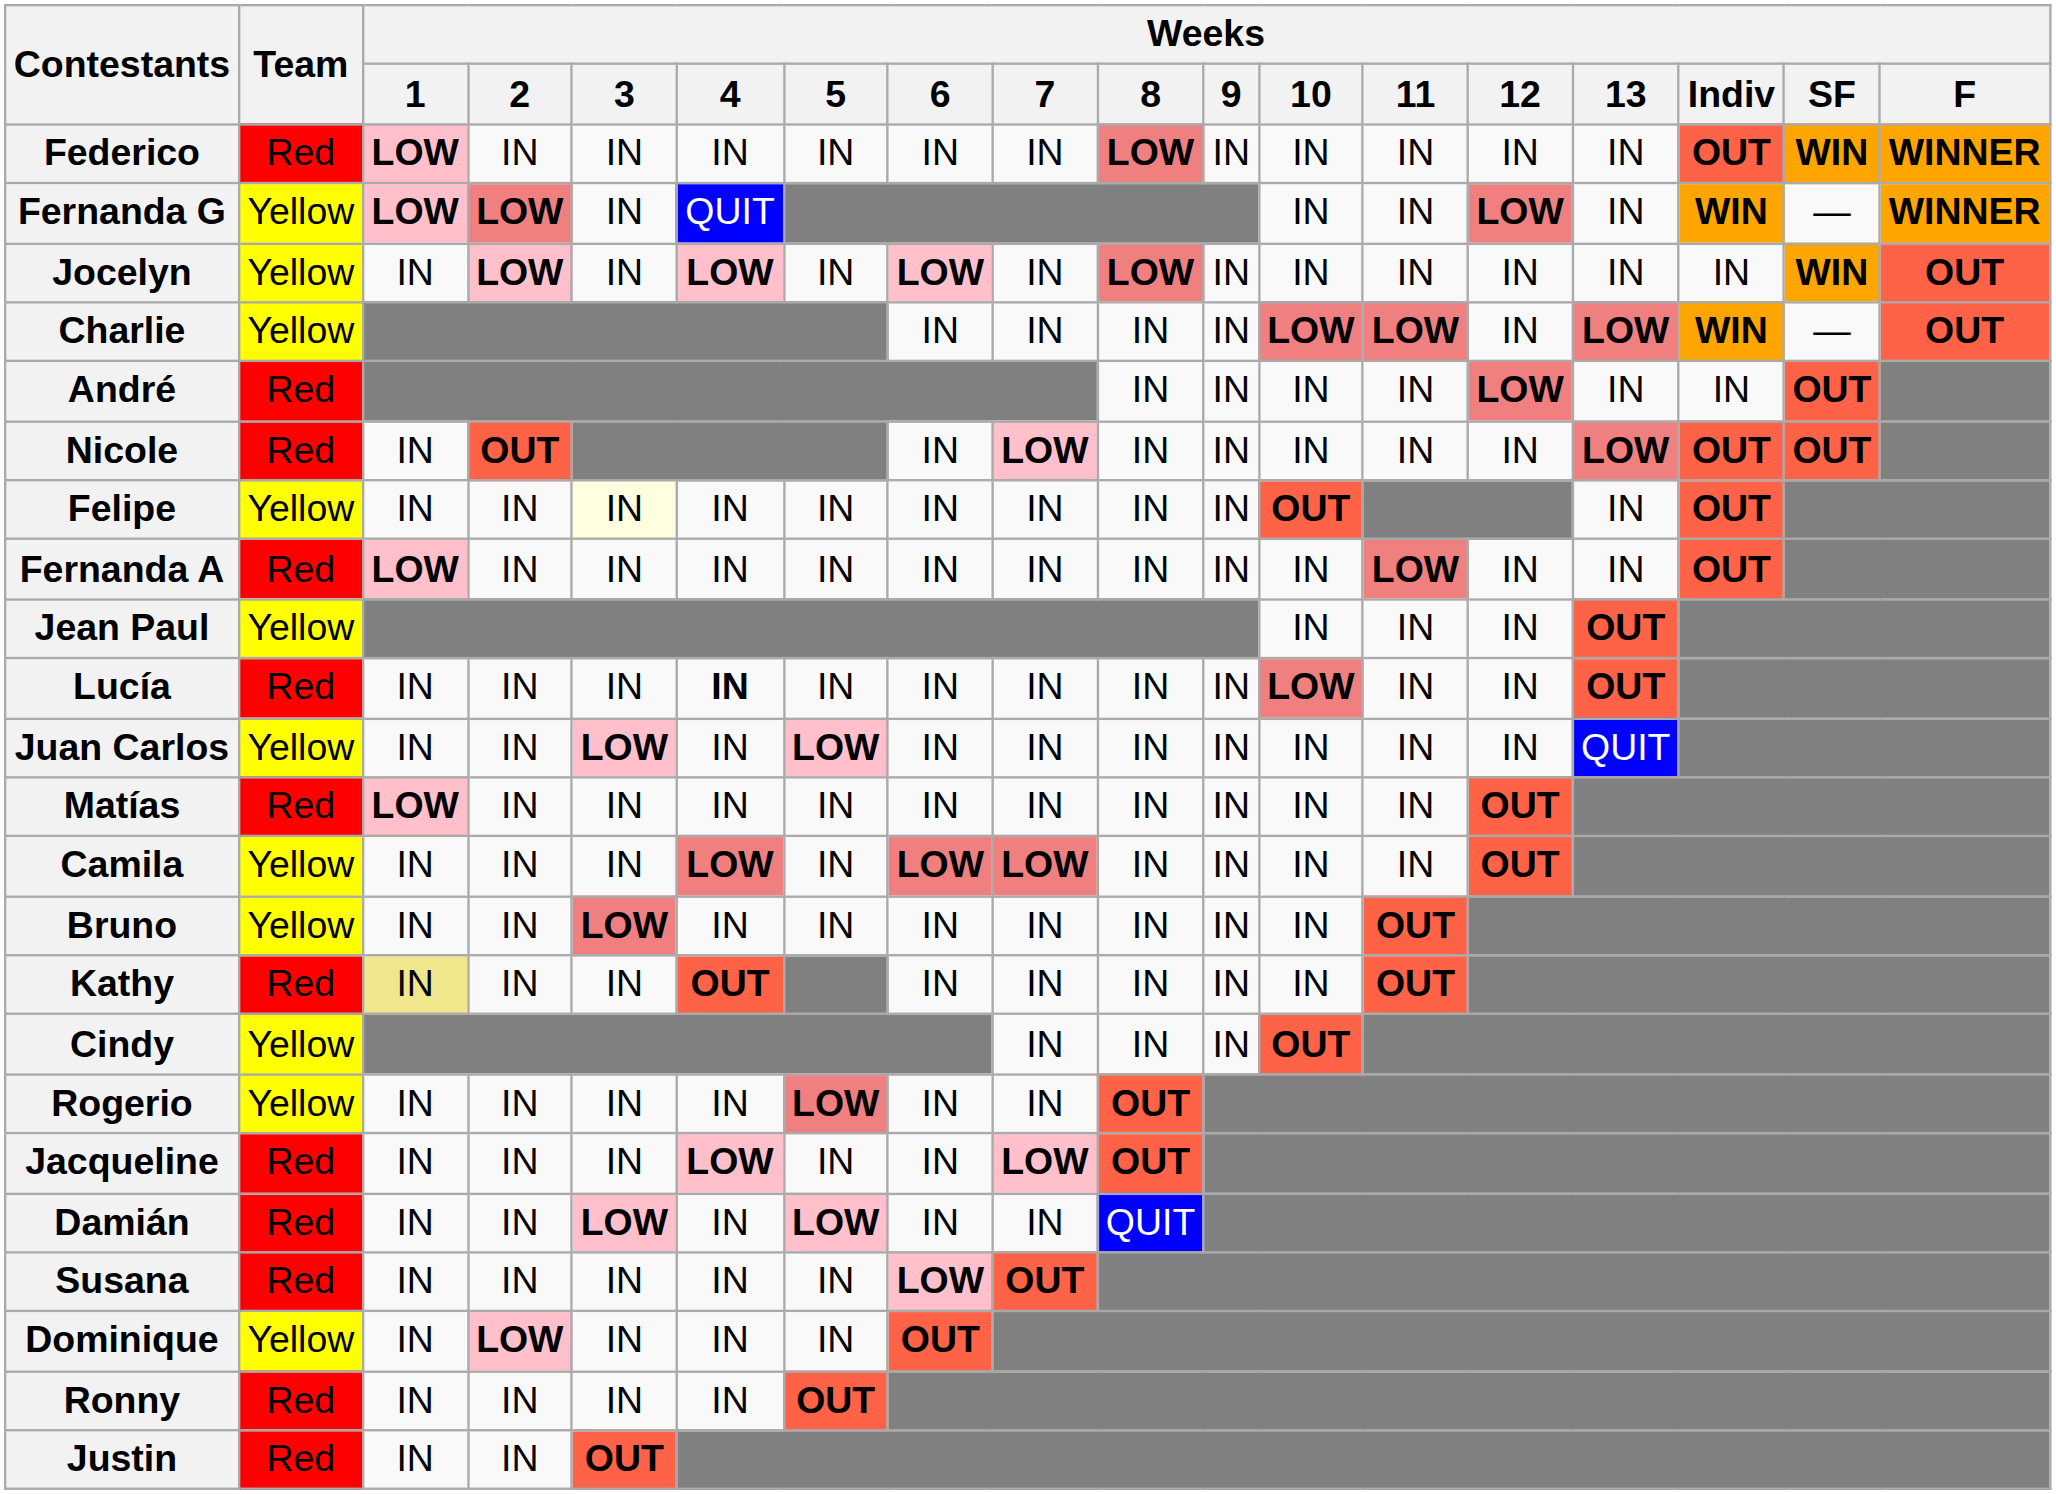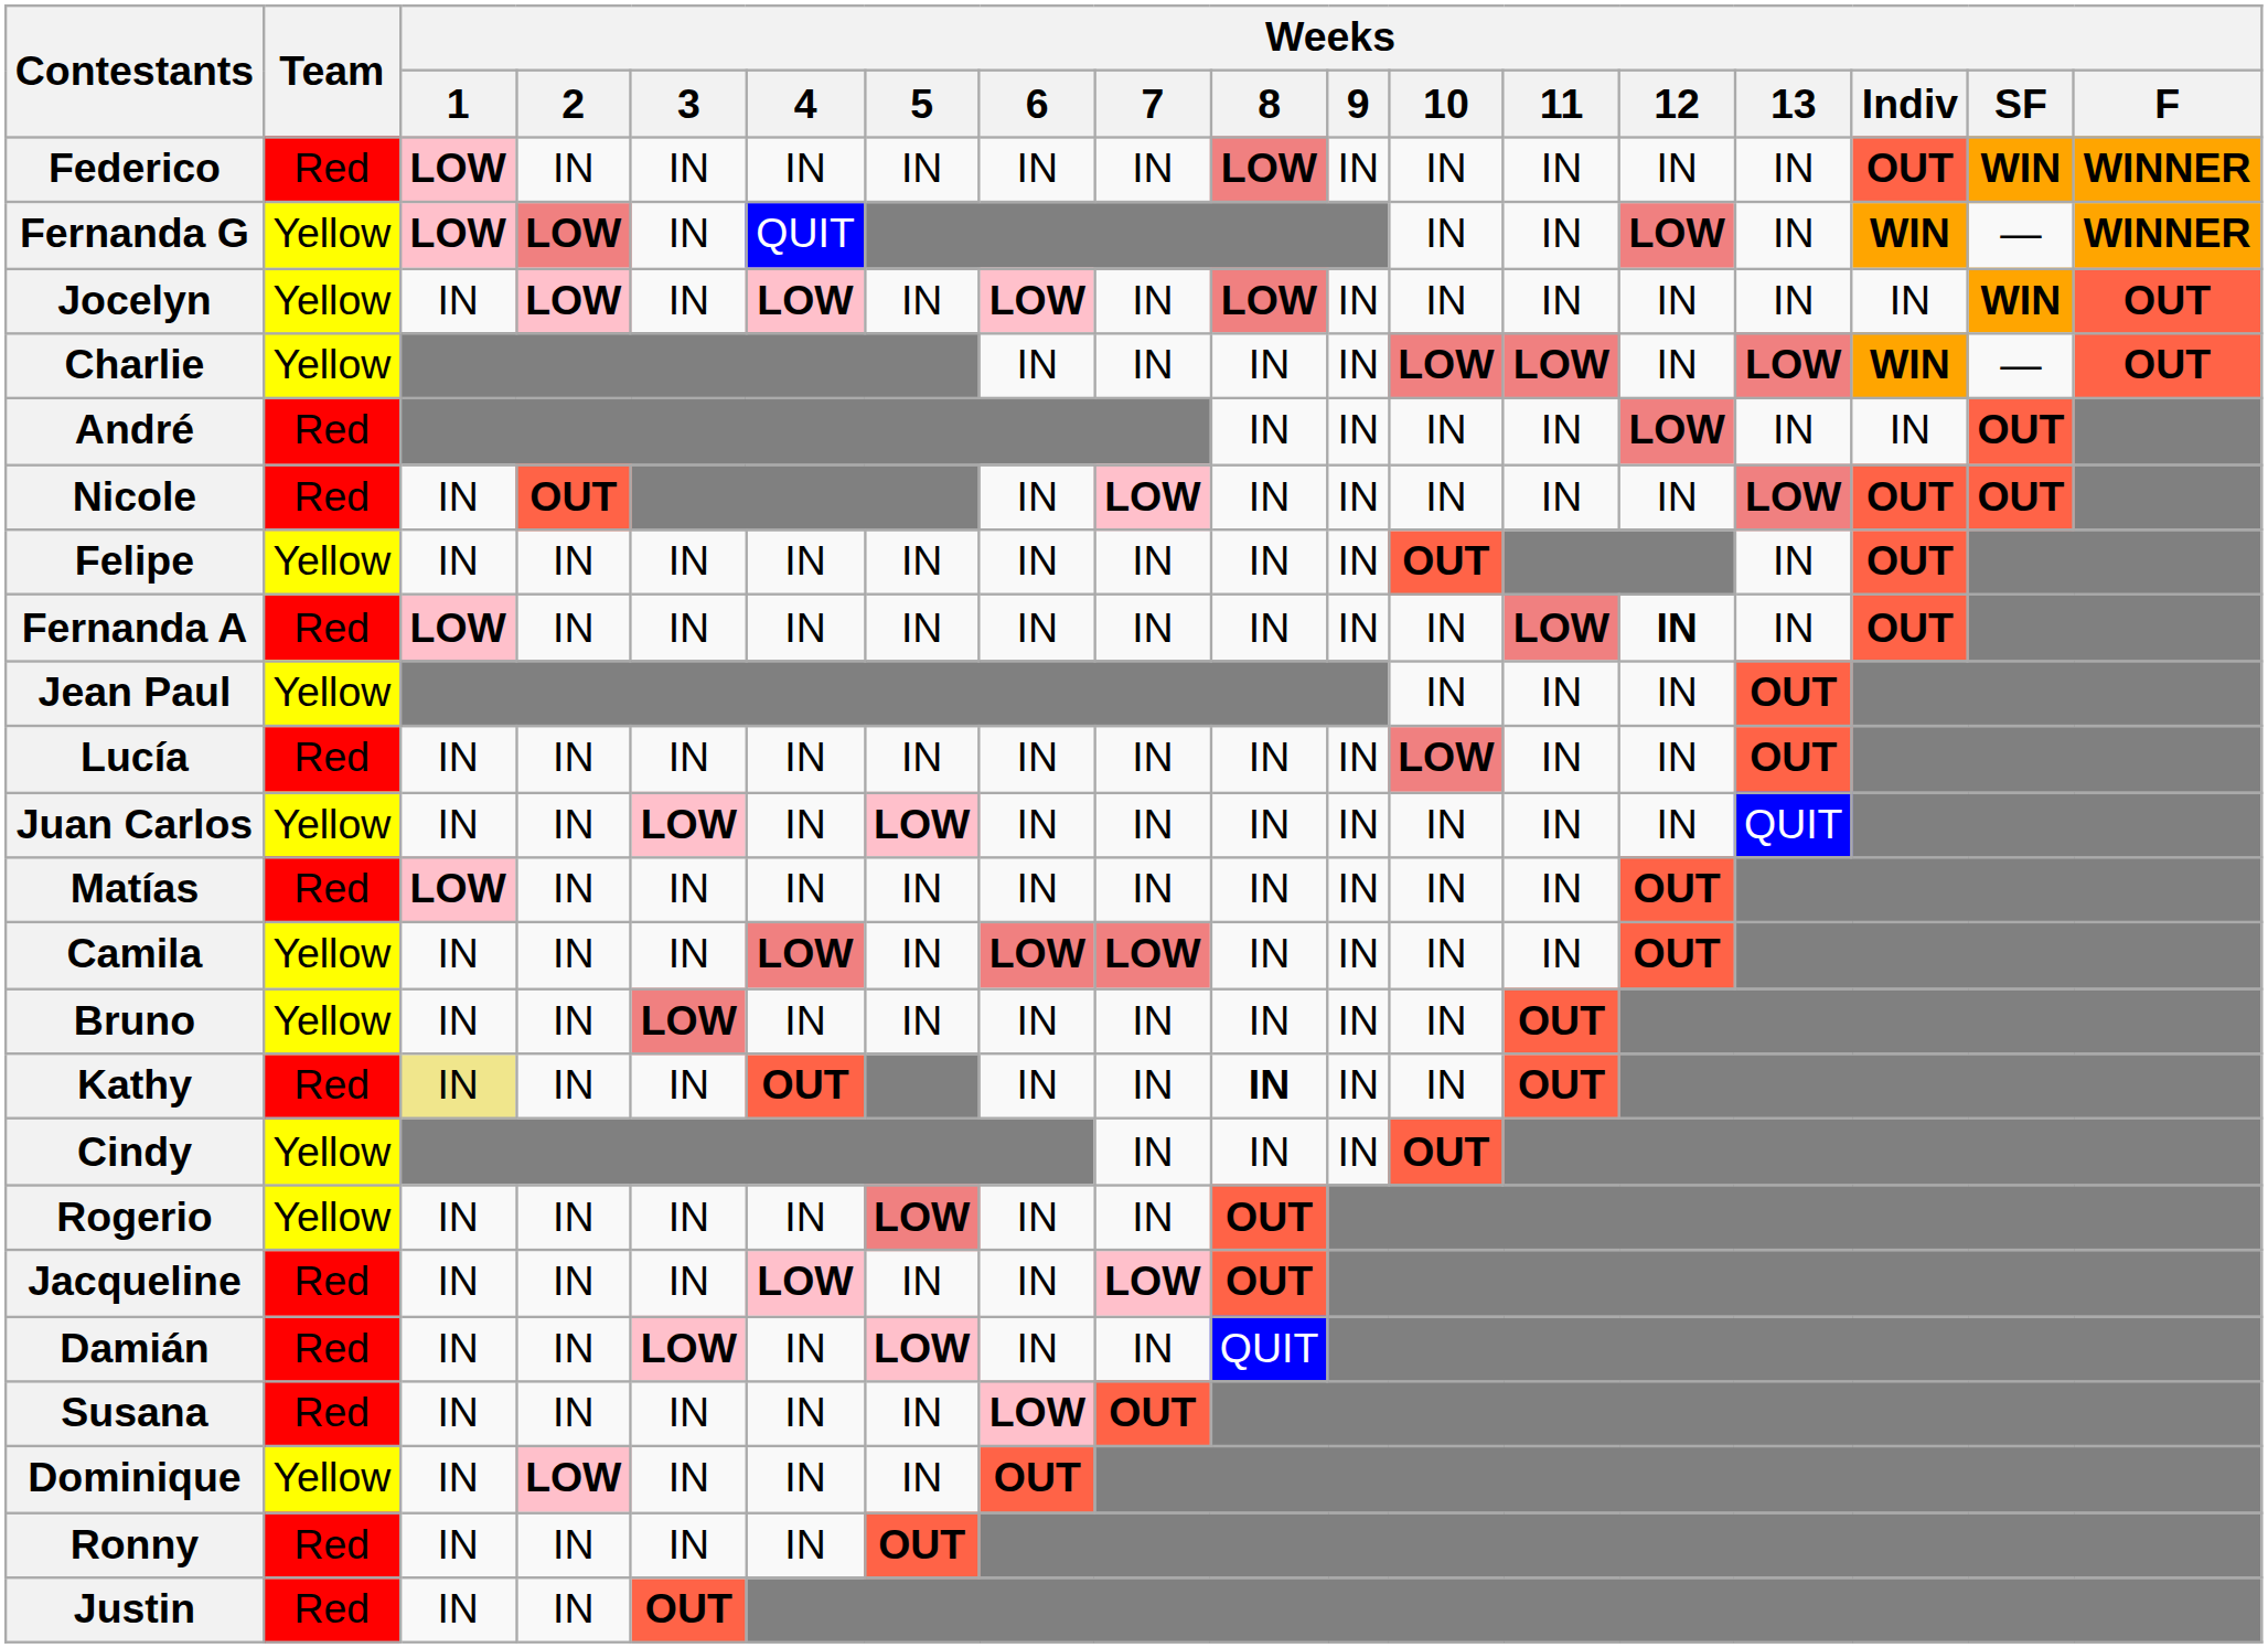 <table class="wikitable" style="text-align:center">
 <tr>
 <th rowspan=2>Contestants</th>
 <th rowspan=2>Team</th>
 <th colspan=17>Weeks</th>
 </tr>
 <tr>
 <th width="10px">1</th>
 <th width="20px">2</th>
 <th width="20px">3</th>
 <th width="20px">4</th>
 <th width="20px">5</th>
 <th width="20px">6</th>
 <th width="20px">7</th>
 <th width="20px">8</th>
 <th width="20px">9</th>
 <th width="20px">10</th>
 <th width="20px">11</th>
 <th width="20px">12</th>
 <th width="20px">13</th>
 <th width="20px">Indiv</th>
 <th width="20px">SF</th>
 <th width="20px">F</th>
 </tr>
 <tr>
 <th>Federico</th>
 <td style="background:red">Red</td>
 <td style="background:pink"><strong>LOW</strong></td>
 <td>IN</td>
 <td>IN</td>
 <td>IN</td>
 <td>IN</td>
 <td>IN</td>
 <td>IN</td>
 <td style="background:LightCoral"><strong>LOW</strong></td>
 <td>IN</td>
 <td>IN</td>
 <td>IN</td>
 <td>IN</td>
 <td>IN</td>
 <td style="background:tomato"><strong>OUT</strong></td>
 <td style="background:Orange"><strong>WIN</strong></td>
 <td style="background:Orange"><strong>WINNER</strong></td>
 </tr>
 <tr>
 <th>Fernanda G</th>
 <td style="background:yellow">Yellow</td>
 <td style="background:pink"><strong>LOW</strong></td>
 <td style="background:LightCoral"><strong>LOW</strong></td>
 <td>IN</td>
 <td style="background:BLUE; color:white;">QUIT</td>
 <td colspan=5 style="background:gray"></td>
 <td>IN</td>
 <td>IN</td>
 <td style="background:LightCoral"><strong>LOW</strong></td>
 <td>IN</td>
 <td style="background:Orange"><strong>WIN</strong></td>
 <td>—</td>
 <td style="background:Orange"><strong>WINNER</strong></td>
 </tr>
 <tr>
 <th>Jocelyn</th>
 <td style="background:yellow">Yellow</td>
 <td>IN</td>
 <td style="background:pink"><strong>LOW</strong></td>
 <td>IN</td>
 <td style="background:pink"><strong>LOW</strong></td>
 <td>IN</td>
 <td style="background:pink"><strong>LOW</strong></td>
 <td>IN</td>
 <td style="background:LightCoral"><strong>LOW</strong></td>
 <td>IN</td>
 <td>IN</td>
 <td>IN</td>
 <td>IN</td>
 <td>IN</td>
 <td>IN</td>
 <td style="background:Orange"><strong>WIN</strong></td>
 <td style="background:tomato"><strong>OUT</strong></td>
 </tr>
 <tr>
 <th>Charlie</th>
 <td style="background:yellow">Yellow</td>
 <td colspan=5 style="background:gray"></td>
 <td>IN</td>
 <td>IN</td>
 <td>IN</td>
 <td>IN</td>
 <td style="background:LightCoral"><strong>LOW</strong></td>
 <td style="background:LightCoral"><strong>LOW</strong></td>
 <td>IN</td>
 <td style="background:LightCoral"><strong>LOW</strong></td>
 <td style="background:Orange"><strong>WIN</strong></td>
 <td>—</td>
 <td style="background:tomato"><strong>OUT</strong></td>
 </tr>
 <tr>
 <th>André</th>
 <td style="background:red">Red</td>
 <td colspan=7 style="background:gray"></td>
 <td>IN</td>
 <td>IN</td>
 <td>IN</td>
 <td>IN</td>
 <td style="background:LightCoral"><strong>LOW</strong></td>
 <td>IN</td>
 <td>IN</td>
 <td style="background:tomato"><strong>OUT</strong></td>
 <td colspan=13 style="background:gray"></td>
 </tr>
 <tr>
 <th>Nicole</th>
 <td style="background:red">Red</td>
 <td>IN</td>
 <td style="background:tomato"><strong>OUT</strong></td>
 <td colspan=3 style="background:gray"></td>
 <td>IN</td>
 <td style="background:pink"><strong>LOW</strong></td>
 <td>IN</td>
 <td>IN</td>
 <td>IN</td>
 <td>IN</td>
 <td>IN</td>
 <td style="background:LightCoral"><strong>LOW</strong></td>
 <td style="background:tomato"><strong>OUT</strong></td>
 <td style="background:tomato"><strong>OUT</strong></td>
 <td colspan=13 style="background:gray"></td>
 </tr>
 <tr>
 <th>Felipe</th>
 <td style="background:yellow">Yellow</td>
 <td>IN</td>
 <td>IN</td>
-<td style="background: lightyellow;">IN</td>
+<td>IN</td>
 <td>IN</td>
 <td>IN</td>
 <td>IN</td>
 <td>IN</td>
 <td>IN</td>
 <td>IN</td>
 <td style="background:tomato"><strong>OUT</strong></td>
 <td colspan=2 style="background:gray"></td>
 <td>IN</td>
 <td style="background:tomato"><strong>OUT</strong></td>
 <td colspan=13 style="background:gray"></td>
 </tr>
 <tr>
 <th>Fernanda A</th>
 <td style="background:red">Red</td>
 <td style="background:pink"><strong>LOW</strong></td>
 <td>IN</td>
 <td>IN</td>
 <td>IN</td>
 <td>IN</td>
 <td>IN</td>
 <td>IN</td>
 <td>IN</td>
 <td>IN</td>
 <td>IN</td>
 <td style="background:LightCoral"><strong>LOW</strong></td>
-<td>IN</td>
+<td><strong>IN</strong></td>
 <td>IN</td>
 <td style="background:tomato"><strong>OUT</strong></td>
 <td colspan=13 style="background:gray"></td>
 </tr>
 <tr>
 <th>Jean Paul</th>
 <td style="background:Yellow">Yellow</td>
 <td colspan=9 style="background:gray"></td>
 <td>IN</td>
 <td>IN</td>
 <td>IN</td>
 <td style="background:tomato"><strong>OUT</strong></td>
 <td colspan=13 style="background:gray"></td>
 </tr>
 <tr>
 <th>Lucía</th>
 <td style="background:red">Red</td>
 <td>IN</td>
 <td>IN</td>
 <td>IN</td>
-<td><strong>IN</strong></td>
+<td>IN</td>
 <td>IN</td>
 <td>IN</td>
 <td>IN</td>
 <td>IN</td>
 <td>IN</td>
 <td style="background:LightCoral"><strong>LOW</strong></td>
 <td>IN</td>
 <td>IN</td>
 <td style="background:tomato"><strong>OUT</strong></td>
 <td colspan=13 style="background:gray"></td>
 </tr>
 <tr>
 <th>Juan Carlos</th>
 <td style="background:yellow">Yellow</td>
 <td>IN</td>
 <td>IN</td>
 <td style="background:pink"><strong>LOW</strong></td>
 <td>IN</td>
 <td style="background:pink"><strong>LOW</strong></td>
 <td>IN</td>
 <td>IN</td>
 <td>IN</td>
 <td>IN</td>
 <td>IN</td>
 <td>IN</td>
 <td>IN</td>
 <td style="background:BLUE; color:white;">QUIT</td>
 <td colspan=13 style="background:gray"></td>
 </tr>
 <tr>
 <th>Matías</th>
 <td style="background:red">Red</td>
 <td style="background:pink"><strong>LOW</strong></td>
 <td>IN</td>
 <td>IN</td>
 <td>IN</td>
 <td>IN</td>
 <td>IN</td>
 <td>IN</td>
 <td>IN</td>
 <td>IN</td>
 <td>IN</td>
 <td>IN</td>
 <td style="background:tomato"><strong>OUT</strong></td>
 <td colspan=13 style="background:gray"></td>
 </tr>
 <tr>
 <th>Camila</th>
 <td style="background:yellow">Yellow</td>
 <td>IN</td>
 <td>IN</td>
 <td>IN</td>
 <td style="background:LightCoral"><strong>LOW</strong></td>
 <td>IN</td>
 <td style="background:LightCoral"><strong>LOW</strong></td>
 <td style="background:LightCoral"><strong>LOW</strong></td>
 <td>IN</td>
 <td>IN</td>
 <td>IN</td>
 <td>IN</td>
 <td style="background:tomato"><strong>OUT</strong></td>
 <td colspan=13 style="background:gray"></td>
 </tr>
 <tr>
 <th>Bruno</th>
 <td style="background:yellow">Yellow</td>
 <td>IN</td>
 <td>IN</td>
 <td style="background:LightCoral"><strong>LOW</strong></td>
 <td>IN</td>
 <td>IN</td>
 <td>IN</td>
 <td>IN</td>
 <td>IN</td>
 <td>IN</td>
 <td>IN</td>
 <td style="background:tomato"><strong>OUT</strong></td>
 <td colspan=13 style="background:gray"></td>
 </tr>
 <tr>
 <th>Kathy</th>
 <td style="background:red">Red</td>
 <td style="background: khaki;">IN</td>
 <td>IN</td>
 <td>IN</td>
 <td style="background:tomato"><strong>OUT</strong></td>
 <td colspan="" style="background:gray"></td>
 <td>IN</td>
 <td>IN</td>
-<td>IN</td>
+<td><strong>IN</strong></td>
 <td>IN</td>
 <td>IN</td>
 <td style="background:tomato"><strong>OUT</strong></td>
 <td colspan=13 style="background:gray"></td>
 </tr>
 <tr>
 <th>Cindy</th>
 <td style="background:yellow">Yellow</td>
 <td colspan=6 style="background:gray"></td>
 <td>IN</td>
 <td>IN</td>
 <td>IN</td>
 <td style="background:tomato"><strong>OUT</strong></td>
 <td colspan=13 style="background:gray"></td>
 </tr>
 <tr>
 <th>Rogerio</th>
 <td style="background:yellow">Yellow</td>
 <td>IN</td>
 <td>IN</td>
 <td>IN</td>
 <td>IN</td>
 <td style="background:LightCoral"><strong>LOW</strong></td>
 <td>IN</td>
 <td>IN</td>
 <td style="background:tomato"><strong>OUT</strong></td>
 <td colspan=13 style="background:gray"></td>
 </tr>
 <tr>
 <th>Jacqueline</th>
 <td style="background:red">Red</td>
 <td>IN</td>
 <td>IN</td>
 <td>IN</td>
 <td style="background:pink"><strong>LOW</strong></td>
 <td>IN</td>
 <td>IN</td>
 <td style="background:pink"><strong>LOW</strong></td>
 <td style="background:tomato"><strong>OUT</strong></td>
 <td colspan=13 style="background:gray"></td>
 </tr>
 <tr>
 <th>Damián</th>
 <td style="background:red">Red</td>
 <td>IN</td>
 <td>IN</td>
 <td style="background:pink"><strong>LOW</strong></td>
 <td>IN</td>
 <td style="background:pink"><strong>LOW</strong></td>
 <td>IN</td>
 <td>IN</td>
 <td style="background:BLUE; color:white;">QUIT</td>
 <td colspan=13 style="background:gray"></td>
 </tr>
 <tr>
 <th>Susana</th>
 <td style="background:red">Red</td>
 <td>IN</td>
 <td>IN</td>
 <td>IN</td>
 <td>IN</td>
 <td>IN</td>
 <td style="background:pink"><strong>LOW</strong></td>
 <td style="background:tomato"><strong>OUT</strong></td>
 <td colspan=13 style="background:gray"></td>
 </tr>
 <tr>
 <th>Dominique</th>
 <td style="background:yellow">Yellow</td>
 <td>IN</td>
 <td style="background:pink"><strong>LOW</strong></td>
 <td>IN</td>
 <td>IN</td>
 <td>IN</td>
 <td style="background:tomato"><strong>OUT</strong></td>
 <td colspan=13 style="background:gray"></td>
 </tr>
 <tr>
 <th>Ronny</th>
 <td style="background:red">Red</td>
 <td>IN</td>
 <td>IN</td>
 <td>IN</td>
 <td>IN</td>
 <td style="background:tomato"><strong>OUT</strong></td>
 <td colspan=13 style="background:gray"></td>
 </tr>
 <tr>
 <th>Justin</th>
 <td style="background:red">Red</td>
 <td>IN</td>
 <td>IN</td>
 <td style="background:tomato"><strong>OUT</strong></td>
 <td colspan=13 style="background:gray"></td>
 </tr>
 </table>
